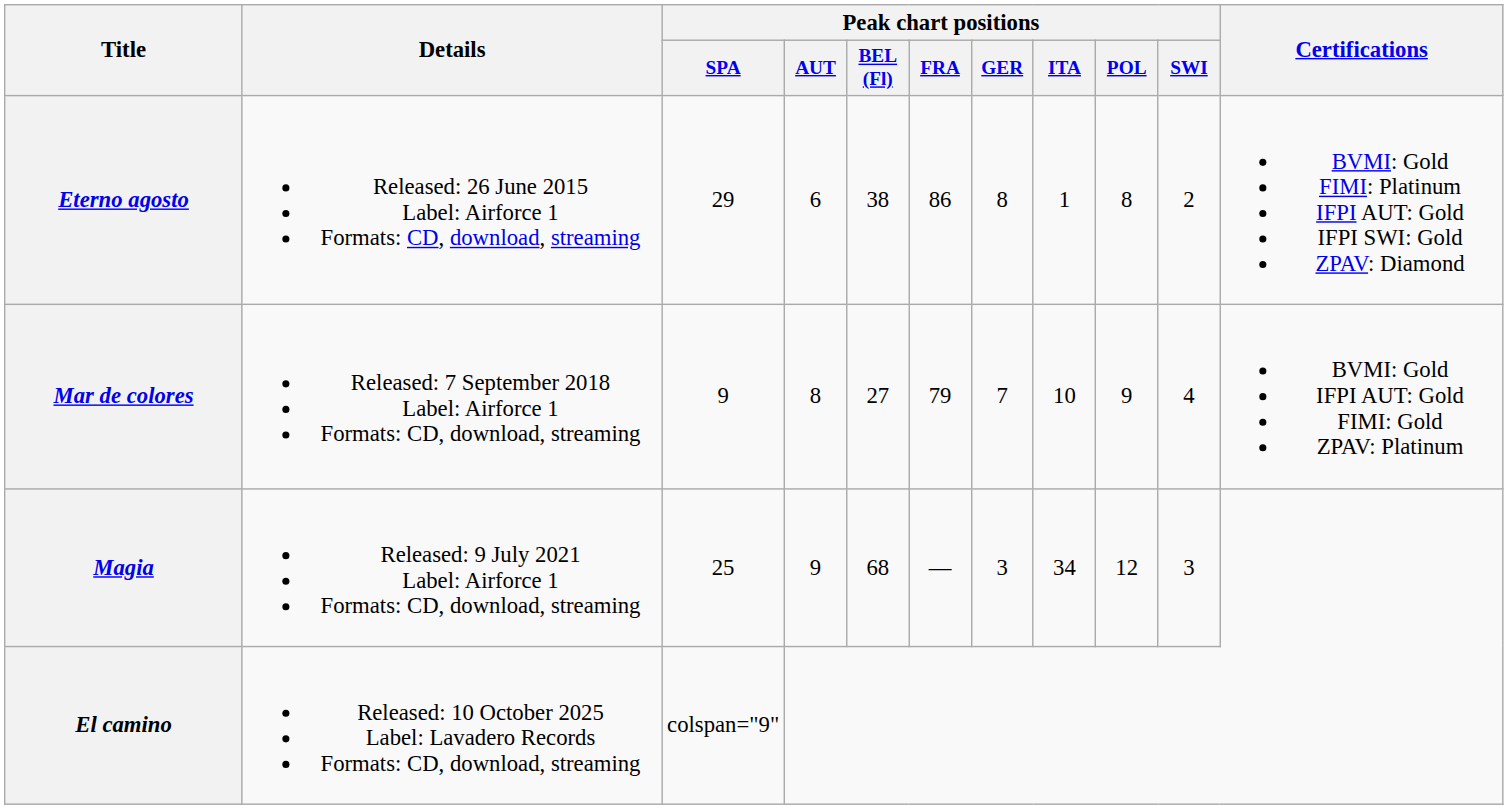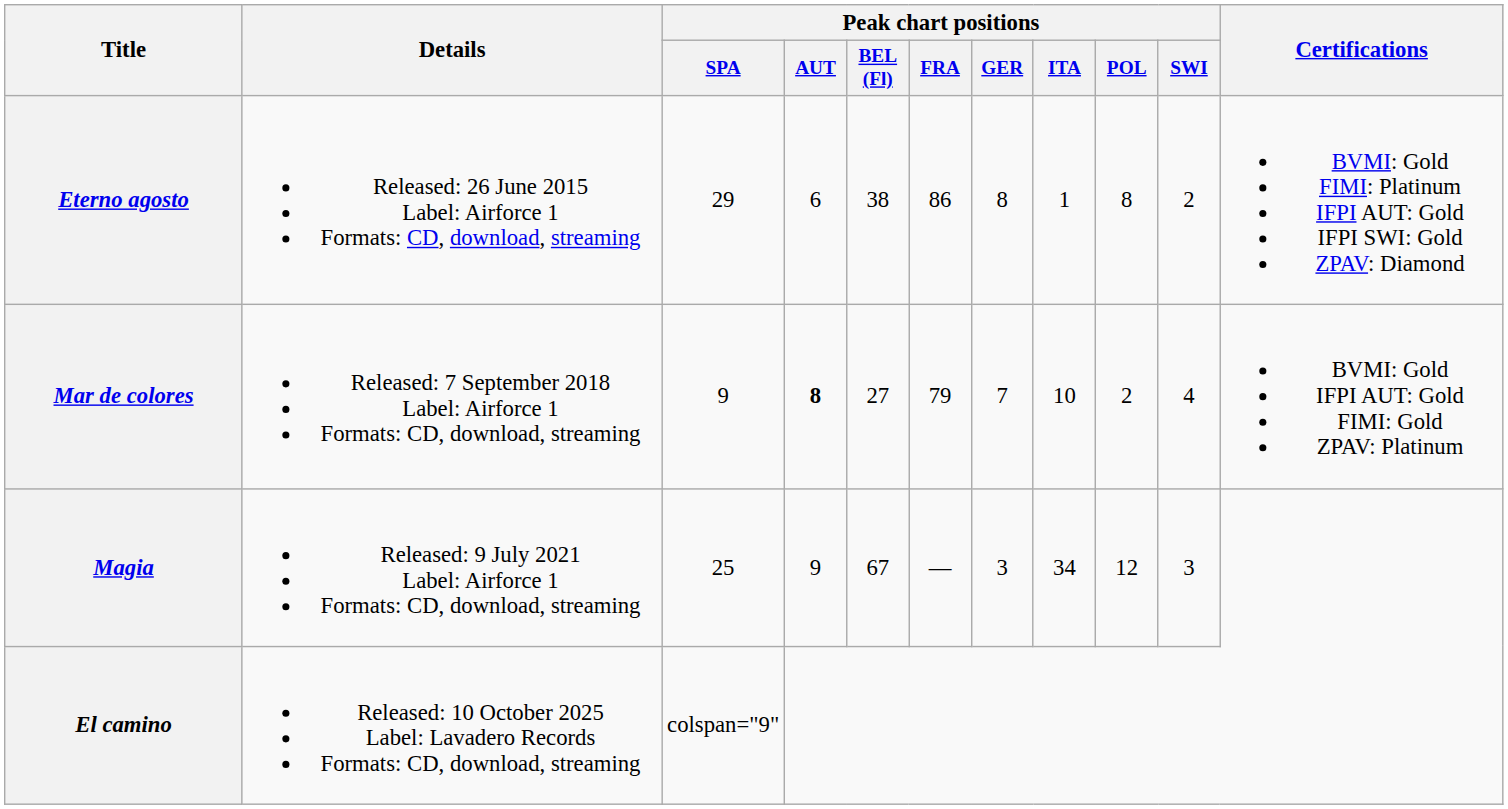 <table class="wikitable plainrowheaders" style="text-align:center;" border="1">
 <tr>
 <th scope="col" rowspan="2" style="width:10em;">Title</th>
 <th scope="col" rowspan="2" style="width:18em;">Details</th>
 <th scope="col" colspan="8">Peak chart positions</th>
 <th scope="col" rowspan="2" style="width:12em;"><a href='#'>Certifications</a></th>
 </tr>
 <tr>
 <th scope="col" style="width:2.75em;font-size:85%;"><a href='#'>SPA</a><br></th>
 <th scope="col" style="width:2.75em;font-size:85%;"><a href='#'>AUT</a><br></th>
 <th scope="col" style="width:2.75em;font-size:85%;"><a href='#'>BEL<br>(Fl)</a><br></th>
 <th scope="col" style="width:2.75em;font-size:85%;"><a href='#'>FRA</a><br></th>
 <th scope="col" style="width:2.75em;font-size:85%;"><a href='#'>GER</a><br></th>
 <th scope="col" style="width:2.75em;font-size:85%;"><a href='#'>ITA</a><br></th>
 <th scope="col" style="width:2.75em;font-size:85%;"><a href='#'>POL</a><br></th>
 <th scope="col" style="width:2.75em;font-size:85%;"><a href='#'>SWI</a><br></th>
 </tr>
 <tr>
 <th scope="row"><em><a href='#'>Eterno agosto</a></em></th>
 <td><br><ul><li>Released: 26 June 2015</li><li>Label: Airforce 1</li><li>Formats: <a href='#'>CD</a>, <a href='#'>download</a>, <a href='#'>streaming</a></li></ul></td>
 <td>29</td>
 <td>6</td>
 <td>38</td>
 <td>86</td>
 <td>8</td>
 <td>1</td>
 <td>8</td>
 <td>2</td>
 <td><br><ul><li><a href='#'>BVMI</a>: Gold</li><li><a href='#'>FIMI</a>: Platinum</li><li><a href='#'>IFPI</a> AUT: Gold</li><li>IFPI SWI: Gold</li><li><a href='#'>ZPAV</a>: Diamond</li></ul></td>
 </tr>
 <tr>
 <th scope="row"><em><a href='#'>Mar de colores</a></em></th>
 <td><br><ul><li>Released: 7 September 2018</li><li>Label: Airforce 1</li><li>Formats: CD, download, streaming</li></ul></td>
 <td>9</td>
-<td>8</td>
+<td><strong>8</strong></td>
 <td>27</td>
 <td>79</td>
 <td>7</td>
 <td>10</td>
-<td>9</td>
+<td>2</td>
 <td>4</td>
 <td><br><ul><li>BVMI: Gold</li><li>IFPI AUT: Gold</li><li>FIMI: Gold</li><li>ZPAV: Platinum</li></ul></td>
 </tr>
 <tr>
 <th scope="row"><em><a href='#'>Magia</a></em></th>
 <td><br><ul><li>Released: 9 July 2021</li><li>Label: Airforce 1</li><li>Formats: CD, download, streaming</li></ul></td>
 <td>25</td>
 <td>9</td>
-<td>68</td>
+<td>67</td>
 <td>—</td>
 <td>3</td>
 <td>34</td>
 <td>12</td>
 <td>3</td>
 </tr>
 <tr>
 <th scope="row"><em>El camino</em></th>
 <td><br><ul><li>Released: 10 October 2025</li><li>Label: Lavadero Records</li><li>Formats: CD, download, streaming</li></ul></td>
 <td>colspan="9" </td>
 </tr>
 </table>
